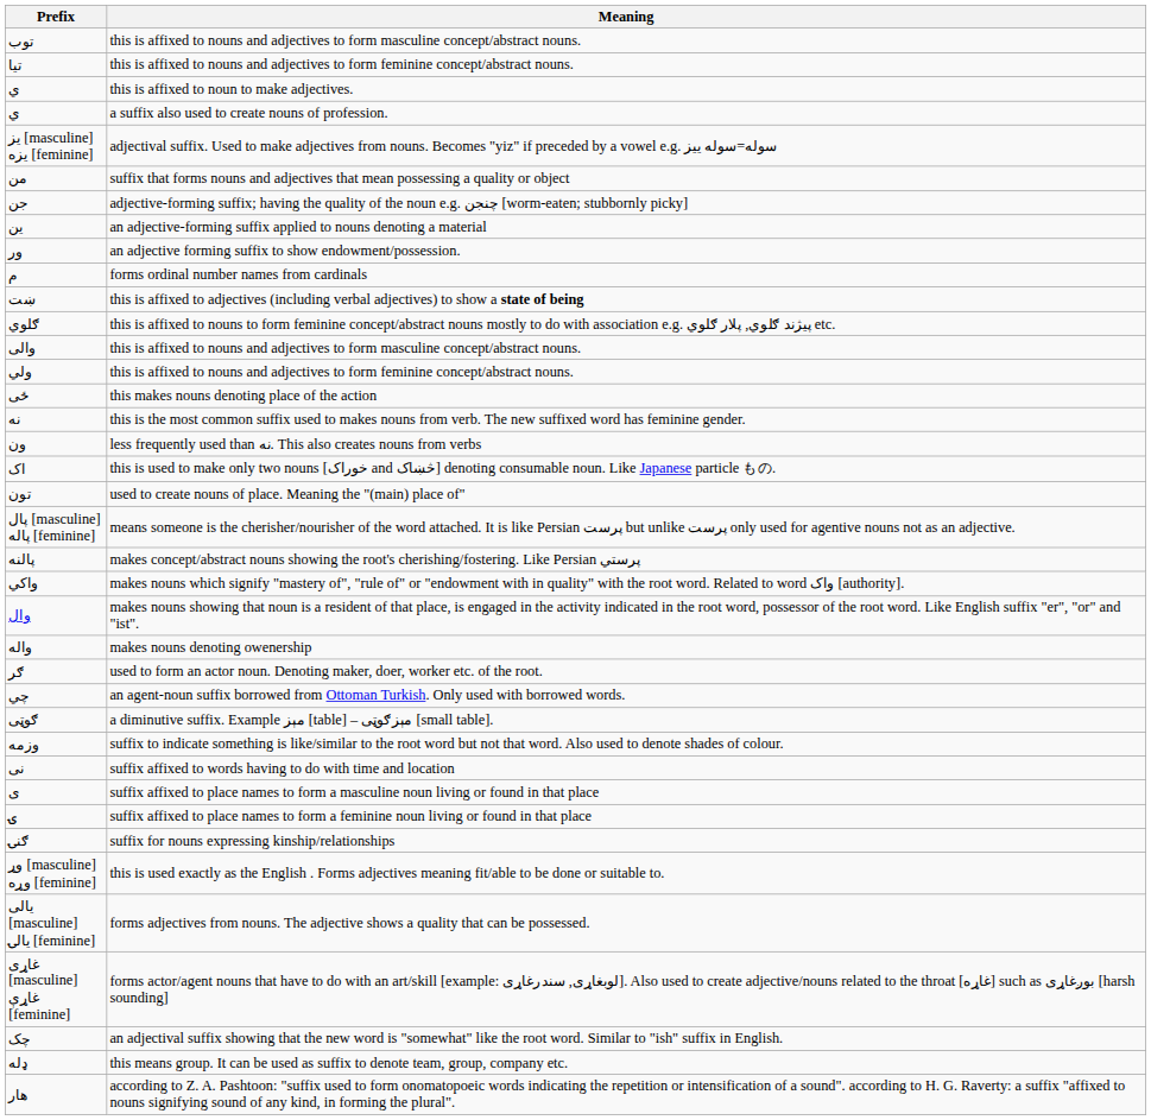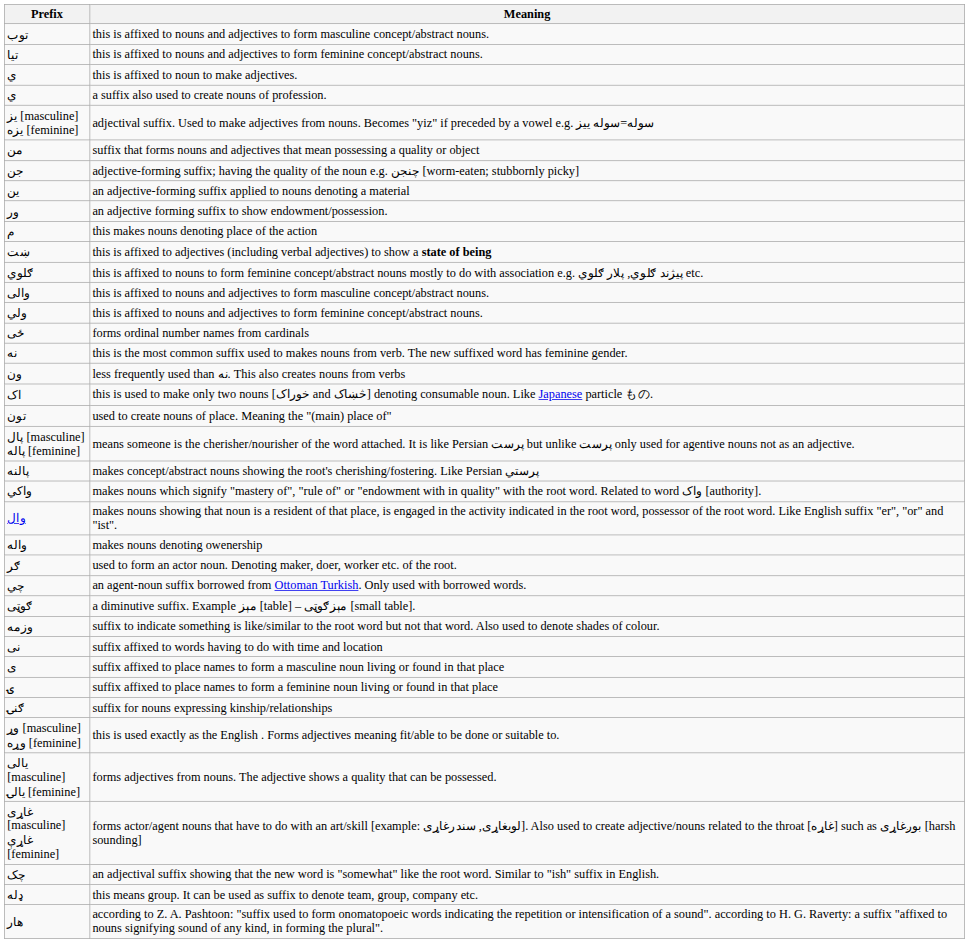 <table class="wikitable">
 <tr>
 <th>Prefix</th>
 <th>Meaning</th>
 </tr>
 <tr>
 <td>توب</td>
 <td>this is affixed to nouns and adjectives to form masculine concept/abstract nouns.</td>
 </tr>
 <tr>
 <td>تیا</td>
 <td>this is affixed to nouns and adjectives to form feminine concept/abstract nouns.</td>
 </tr>
 <tr>
 <td>ي</td>
 <td>this is affixed to noun to make adjectives.</td>
 </tr>
 <tr>
 <td>ي</td>
 <td>a suffix also used to create nouns of profession.</td>
 </tr>
 <tr>
 <td>يز [masculine] <br> يزه [feminine]</td>
 <td>adjectival suffix. Used to make adjectives from nouns. Becomes "yiz" if preceded by a vowel e.g. سوله=سوله ييز</td>
 </tr>
 <tr>
 <td>من</td>
 <td>suffix that forms nouns and adjectives that mean possessing a quality or object</td>
 </tr>
 <tr>
 <td>جن</td>
 <td>adjective-forming suffix; having the quality of the noun e.g. چنجن [worm-eaten; stubbornly picky]</td>
 </tr>
 <tr>
 <td>ين</td>
 <td>an adjective-forming suffix applied to nouns denoting a material</td>
 </tr>
 <tr>
 <td>ور</td>
 <td>an adjective forming suffix to show endowment/possession.</td>
 </tr>
 <tr>
 <td>م</td>
-<td>forms ordinal number names from cardinals</td>
+<td>this makes nouns denoting place of the action</td>
 </tr>
 <tr>
 <td>ښت</td>
 <td>this is affixed to adjectives (including verbal adjectives) to show a <strong>state of being</strong></td>
 </tr>
 <tr>
 <td>ګلوي</td>
 <td>this is affixed to nouns to form feminine concept/abstract nouns mostly to do with association e.g. پیژند ګلوي, پلار ګلوي etc.</td>
 </tr>
 <tr>
 <td>والی</td>
 <td>this is affixed to nouns and adjectives to form masculine concept/abstract nouns.</td>
 </tr>
 <tr>
 <td>ولي</td>
 <td>this is affixed to nouns and adjectives to form feminine concept/abstract nouns.</td>
 </tr>
 <tr>
 <td>ځی</td>
-<td>this makes nouns denoting place of the action</td>
+<td>forms ordinal number names from cardinals</td>
 </tr>
 <tr>
 <td>نه</td>
 <td>this is the most common suffix used to makes nouns from verb. The new suffixed word has feminine gender.</td>
 </tr>
 <tr>
 <td>ون</td>
 <td>less frequently used than نه. This also creates nouns from verbs</td>
 </tr>
 <tr>
 <td>اک</td>
 <td>this is used to make only two nouns [خوراک and څښاک] denoting consumable noun. Like <a href='#'>Japanese</a> particle もの.</td>
 </tr>
 <tr>
 <td>تون</td>
 <td>used to create nouns of place. Meaning the "(main) place of"</td>
 </tr>
 <tr>
 <td>پال [masculine]<br> پاله [feminine]</td>
 <td>means someone is the cherisher/nourisher of the word attached. It is like Persian پرست but unlike پرست only used for agentive nouns not as an adjective.</td>
 </tr>
 <tr>
 <td>پالنه</td>
 <td>makes concept/abstract nouns showing the root's cherishing/fostering. Like Persian پرستي</td>
 </tr>
 <tr>
 <td>واکي</td>
 <td>makes nouns which signify "mastery of", "rule of" or "endowment with in quality" with the root word. Related to word واک [authority].</td>
 </tr>
 <tr>
 <td><a href='#'>وال</a></td>
 <td>makes nouns showing that noun is a resident of that place, is engaged in the activity indicated in the root word, possessor of the root word. Like English suffix "er", "or" and "ist".</td>
 </tr>
 <tr>
 <td>واله</td>
 <td>makes nouns denoting owenership</td>
 </tr>
 <tr>
 <td>ګر</td>
 <td>used to form an actor noun. Denoting maker, doer, worker etc. of the root.</td>
 </tr>
 <tr>
 <td>چي</td>
 <td>an agent-noun suffix borrowed from <a href='#'>Ottoman Turkish</a>. Only used with borrowed words.</td>
 </tr>
 <tr>
 <td>ګوټی</td>
 <td>a diminutive suffix. Example مېز [table] – مېزګوټی [small table].</td>
 </tr>
 <tr>
 <td>وزمه</td>
 <td>suffix to indicate something is like/similar to the root word but not that word. Also used to denote shades of colour.</td>
 </tr>
 <tr>
 <td>نی</td>
 <td>suffix affixed to words having to do with time and location</td>
 </tr>
 <tr>
 <td>ی</td>
 <td>suffix affixed to place names to form a masculine noun living or found in that place</td>
 </tr>
 <tr>
 <td>ۍ</td>
 <td>suffix affixed to place names to form a feminine noun living or found in that place</td>
 </tr>
 <tr>
 <td>ګنۍ</td>
 <td>suffix for nouns expressing kinship/relationships</td>
 </tr>
 <tr>
 <td>وړ [masculine]<br> وړه [feminine]</td>
 <td>this is used exactly as the English <em></em>. Forms adjectives meaning fit/able to be done or suitable to.</td>
 </tr>
 <tr>
 <td>يالی [masculine]<br> يالۍ [feminine]</td>
 <td>forms adjectives from nouns. The adjective shows a quality that can be possessed.</td>
 </tr>
 <tr>
 <td>غاړی [masculine] <br> غاړې [feminine]</td>
 <td>forms actor/agent nouns that have to do with an art/skill [example: لوبغاړی, سندرغاړی]. Also used to create adjective/nouns related to the throat [غاړه] such as بوږغاړی [harsh sounding]</td>
 </tr>
 <tr>
 <td>چک</td>
 <td>an adjectival suffix showing that the new word is "somewhat" like the root word. Similar to "ish" suffix in English.</td>
 </tr>
 <tr>
 <td>ډله</td>
 <td>this means group. It can be used as suffix to denote team, group, company etc.</td>
 </tr>
 <tr>
 <td>هار</td>
 <td>according to Z. A. Pashtoon: "suffix used to form onomatopoeic words indicating the repetition or intensification of a sound". according to H. G. Raverty: a suffix "affixed to nouns signifying sound of any kind, in forming the plural".</td>
 </tr>
 </table>
